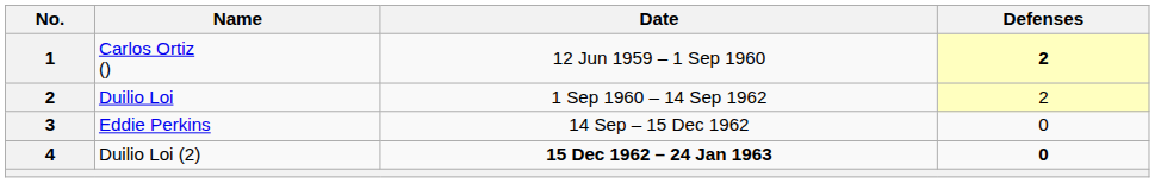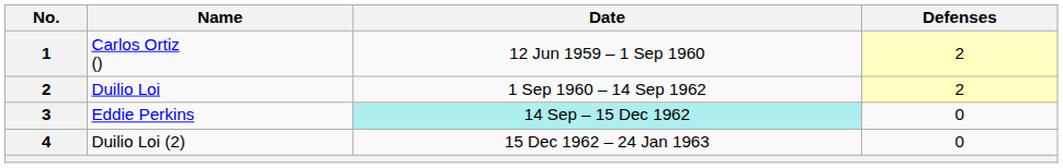 <table class="wikitable sortable" style="width:80%">
 <tr>
 <th>No.</th>
 <th>Name</th>
 <th>Date</th>
 <th>Defenses</th>
 </tr>
 <tr align=center>
 <th>1</th>
 <td align=left><a href='#'>Carlos Ortiz</a><br>()</td>
 <td>12 Jun 1959 – 1 Sep 1960</td>
-<td style="background:#ffffbf;"><strong>2</strong></td>
+<td style="background:#ffffbf;">2</td>
 </tr>
 <tr align=center>
 <th>2</th>
 <td align=left><a href='#'>Duilio Loi</a></td>
 <td>1 Sep 1960 – 14 Sep 1962</td>
 <td style="background:#ffffbf;">2</td>
 </tr>
 <tr align=center>
 <th>3</th>
 <td align=left><a href='#'>Eddie Perkins</a></td>
-<td>14 Sep – 15 Dec 1962</td>
+<td style="background: paleturquoise;">14 Sep – 15 Dec 1962</td>
 <td>0</td>
 </tr>
 <tr align=center>
 <th>4</th>
 <td align=left>Duilio Loi (2)</td>
-<td><strong>15 Dec 1962 – 24 Jan 1963</strong></td>
-<td><strong>0</strong></td>
+<td>15 Dec 1962 – 24 Jan 1963</td>
+<td>0</td>
 </tr>
 <tr align=center>
 <th colspan="4"></th>
 </tr>
 </table>
